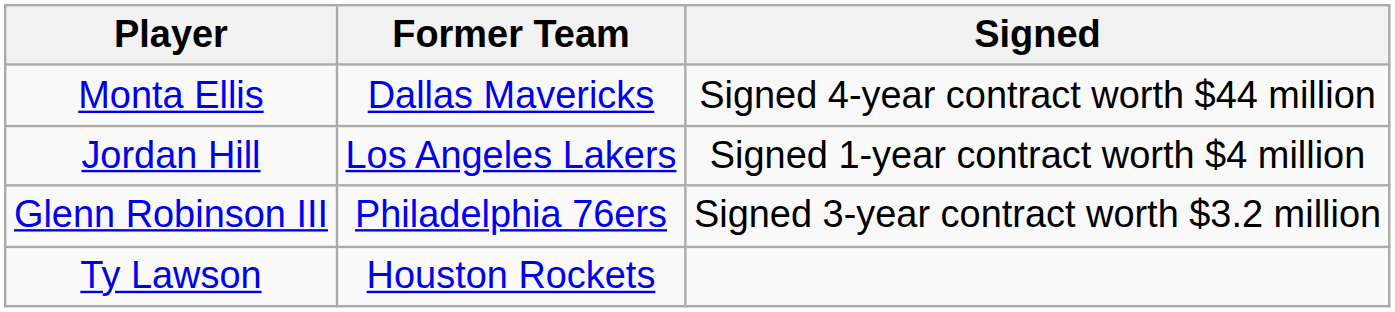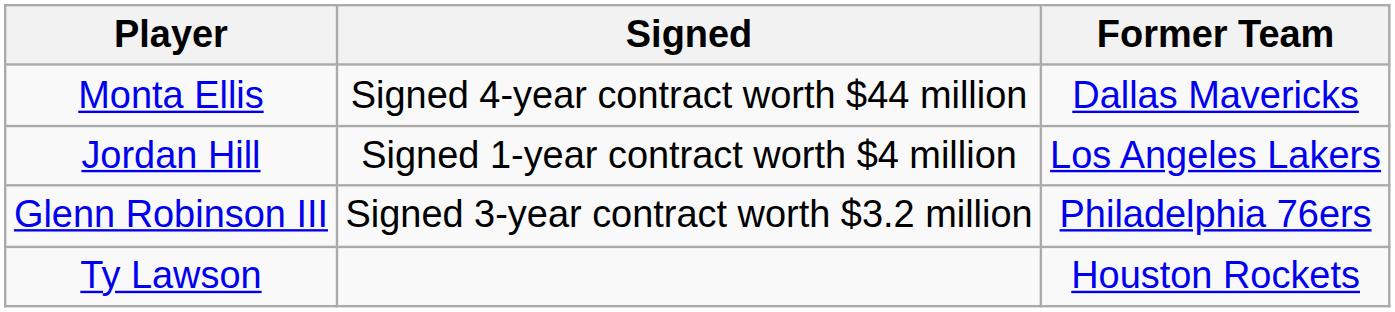 <table class="wikitable sortable sortable">
 <tr>
 <th>Player</th>
+<th>Signed</th>
 <th>Former Team</th>
-<th>Signed</th>
 </tr>
 <tr style="text-align: center">
 <td><a href='#'>Monta Ellis</a></td>
+<td>Signed 4-year contract worth $44 million</td>
 <td><a href='#'>Dallas Mavericks</a></td>
-<td>Signed 4-year contract worth $44 million</td>
 </tr>
 <tr style="text-align: center">
 <td><a href='#'>Jordan Hill</a></td>
+<td>Signed 1-year contract worth $4 million</td>
 <td><a href='#'>Los Angeles Lakers</a></td>
-<td>Signed 1-year contract worth $4 million</td>
 </tr>
 <tr style="text-align: center">
 <td><a href='#'>Glenn Robinson III</a></td>
+<td>Signed 3-year contract worth $3.2 million</td>
 <td><a href='#'>Philadelphia 76ers</a></td>
-<td>Signed 3-year contract worth $3.2 million</td>
 </tr>
 <tr style="text-align: center">
 <td><a href='#'>Ty Lawson</a></td>
+<td></td>
 <td><a href='#'>Houston Rockets</a></td>
-<td></td>
 </tr>
 </table>
